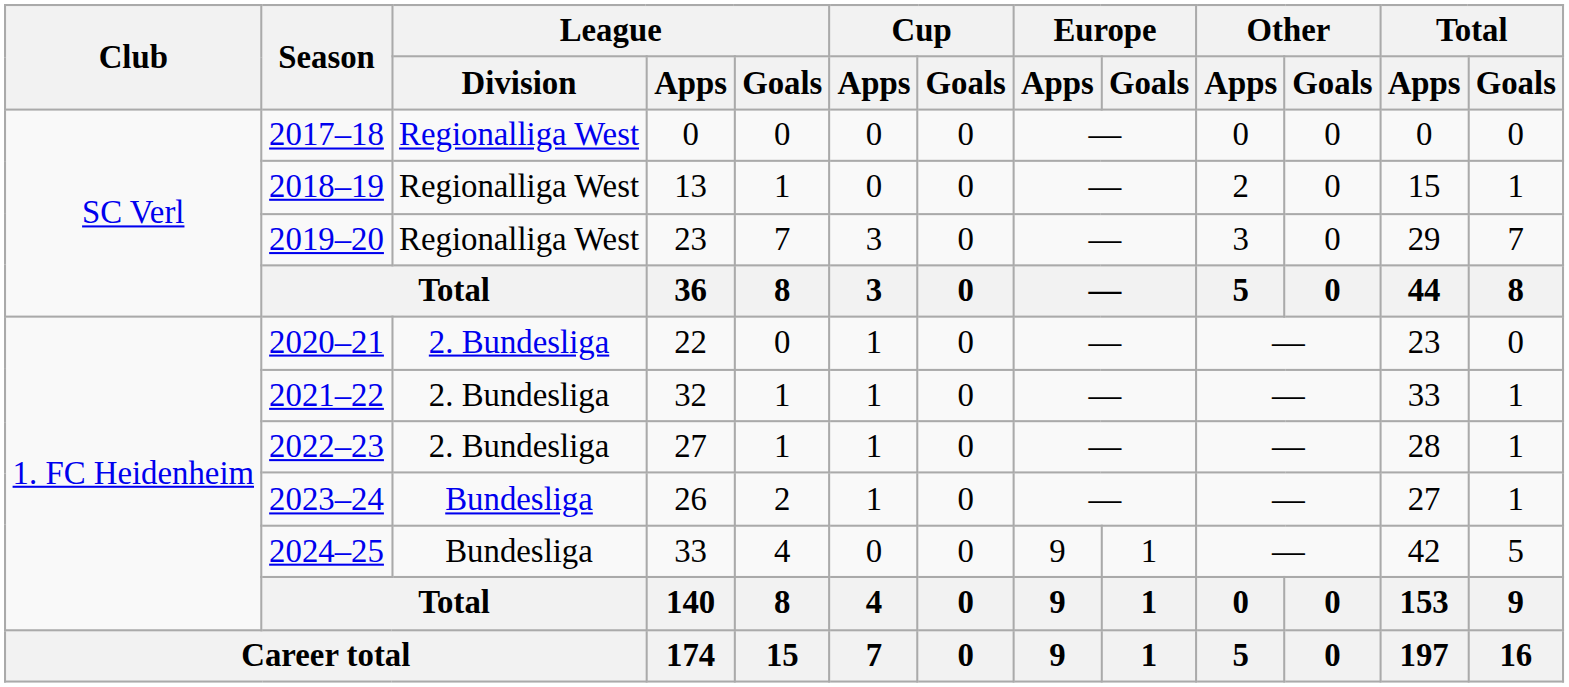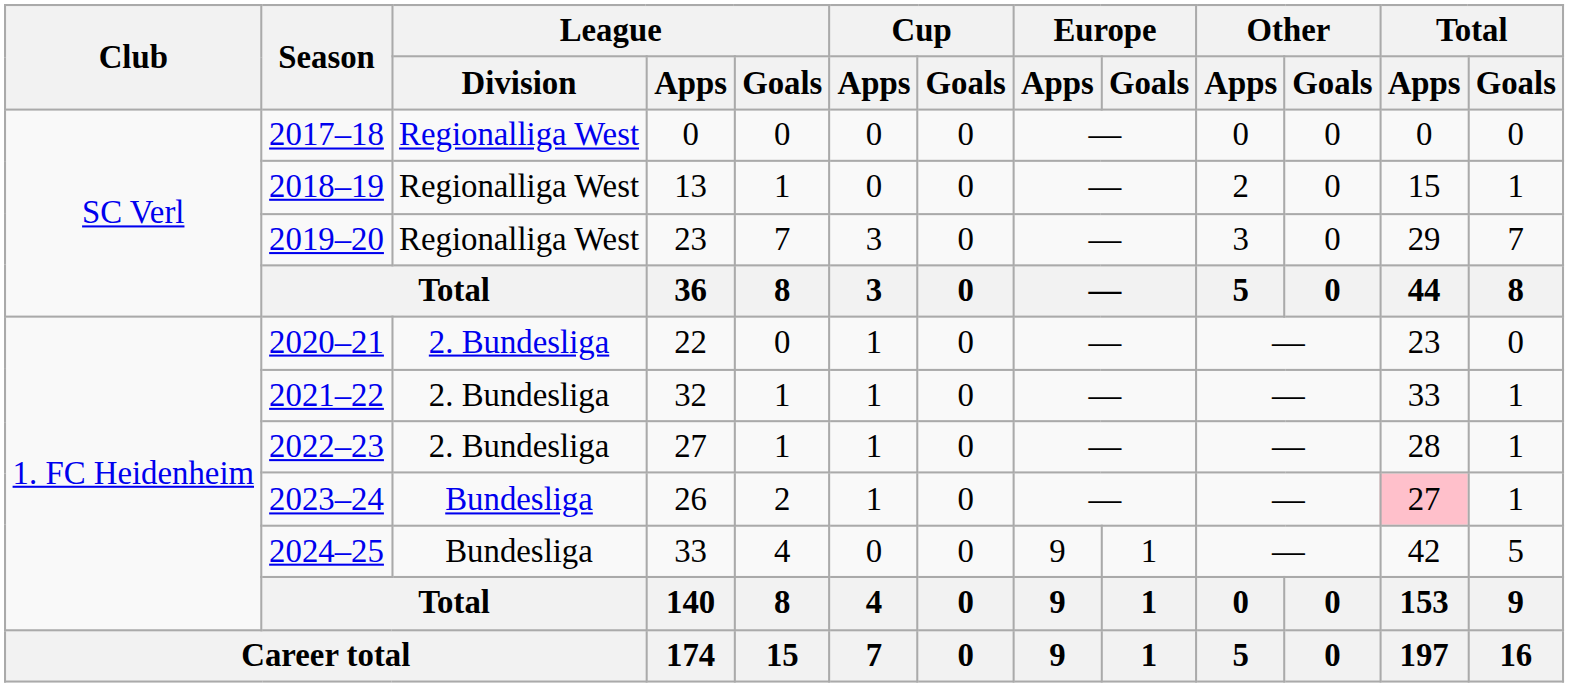 <table class="wikitable" style="text-align:center">
 <tr>
 <th rowspan="2">Club</th>
 <th rowspan="2">Season</th>
 <th colspan="3">League</th>
 <th colspan="2">Cup</th>
 <th colspan="2">Europe</th>
 <th colspan="2">Other</th>
 <th colspan="2">Total</th>
 </tr>
 <tr>
 <th>Division</th>
 <th>Apps</th>
 <th>Goals</th>
 <th>Apps</th>
 <th>Goals</th>
 <th>Apps</th>
 <th>Goals</th>
 <th>Apps</th>
 <th>Goals</th>
 <th>Apps</th>
 <th>Goals</th>
 </tr>
 <tr>
 <td rowspan="4"><a href='#'>SC Verl</a></td>
 <td><a href='#'>2017–18</a></td>
 <td><a href='#'>Regionalliga West</a></td>
 <td>0</td>
 <td>0</td>
 <td>0</td>
 <td>0</td>
 <td colspan="2">—</td>
 <td>0</td>
 <td>0</td>
 <td>0</td>
 <td>0</td>
 </tr>
 <tr>
 <td><a href='#'>2018–19</a></td>
 <td>Regionalliga West</td>
 <td>13</td>
 <td>1</td>
 <td>0</td>
 <td>0</td>
 <td colspan="2">—</td>
 <td>2</td>
 <td>0</td>
 <td>15</td>
 <td>1</td>
 </tr>
 <tr>
 <td><a href='#'>2019–20</a></td>
 <td>Regionalliga West</td>
 <td>23</td>
 <td>7</td>
 <td>3</td>
 <td>0</td>
 <td colspan="2">—</td>
 <td>3</td>
 <td>0</td>
 <td>29</td>
 <td>7</td>
 </tr>
 <tr>
 <th colspan="2">Total</th>
 <th>36</th>
 <th>8</th>
 <th>3</th>
 <th>0</th>
 <th colspan="2">—</th>
 <th>5</th>
 <th>0</th>
 <th>44</th>
 <th>8</th>
 </tr>
 <tr>
 <td rowspan="6"><a href='#'>1. FC Heidenheim</a></td>
 <td><a href='#'>2020–21</a></td>
 <td><a href='#'>2. Bundesliga</a></td>
 <td>22</td>
 <td>0</td>
 <td>1</td>
 <td>0</td>
 <td colspan="2">—</td>
 <td colspan="2">—</td>
 <td>23</td>
 <td>0</td>
 </tr>
 <tr>
 <td><a href='#'>2021–22</a></td>
 <td>2. Bundesliga</td>
 <td>32</td>
 <td>1</td>
 <td>1</td>
 <td>0</td>
 <td colspan="2">—</td>
 <td colspan="2">—</td>
 <td>33</td>
 <td>1</td>
 </tr>
 <tr>
 <td><a href='#'>2022–23</a></td>
 <td>2. Bundesliga</td>
 <td>27</td>
 <td>1</td>
 <td>1</td>
 <td>0</td>
 <td colspan="2">—</td>
 <td colspan="2">—</td>
 <td>28</td>
 <td>1</td>
 </tr>
 <tr>
 <td><a href='#'>2023–24</a></td>
 <td><a href='#'>Bundesliga</a></td>
 <td>26</td>
 <td>2</td>
 <td>1</td>
 <td>0</td>
 <td colspan="2">—</td>
 <td colspan="2">—</td>
-<td>27</td>
+<td style="background: pink;">27</td>
 <td>1</td>
 </tr>
 <tr>
 <td><a href='#'>2024–25</a></td>
 <td>Bundesliga</td>
 <td>33</td>
 <td>4</td>
 <td>0</td>
 <td>0</td>
 <td>9</td>
 <td>1</td>
 <td colspan="2">—</td>
 <td>42</td>
 <td>5</td>
 </tr>
 <tr>
 <th colspan="2">Total</th>
 <th>140</th>
 <th>8</th>
 <th>4</th>
 <th>0</th>
 <th>9</th>
 <th>1</th>
 <th>0</th>
 <th>0</th>
 <th>153</th>
 <th>9</th>
 </tr>
 <tr>
 <th colspan="3">Career total</th>
 <th>174</th>
 <th>15</th>
 <th>7</th>
 <th>0</th>
 <th>9</th>
 <th>1</th>
 <th>5</th>
 <th>0</th>
 <th>197</th>
 <th>16</th>
 </tr>
 </table>
